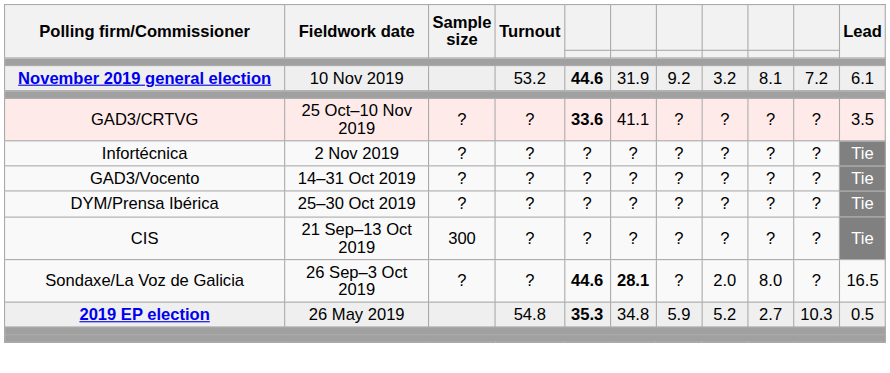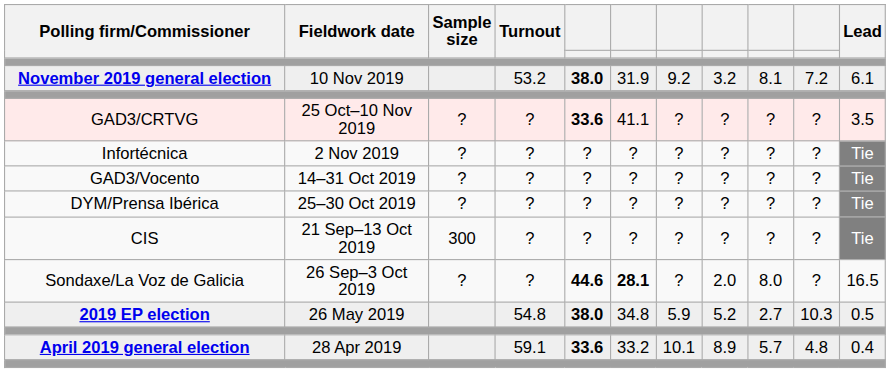 <table class="wikitable collapsible collapsed" style="text-align:center; font-size:95%; line-height:16px;">
 <tr style="height:42px;">
 <th style="width:250px;" rowspan="2">Polling firm/Commissioner</th>
 <th style="width:125px;" rowspan="2">Fieldwork date</th>
 <th style="width:50px;" rowspan="2">Sample size</th>
 <th style="width:45px;" rowspan="2">Turnout</th>
 <th style="width:35px;"></th>
 <th style="width:35px;"></th>
 <th style="width:35px;"></th>
 <th style="width:35px;"></th>
 <th style="width:35px;"></th>
 <th style="width:35px;"></th>
 <th style="width:30px;" rowspan="2">Lead</th>
 </tr>
 <tr>
 <th style="color:inherit;background:"></th>
 <th style="color:inherit;background:"></th>
 <th style="color:inherit;background:"></th>
 <th style="color:inherit;background:"></th>
 <th style="color:inherit;background:"></th>
 <th style="color:inherit;background:"></th>
 </tr>
 <tr>
 <td colspan="11" style="background:#A0A0A0"></td>
 </tr>
 <tr style="background:#EFEFEF;">
 <td><strong><a href='#'>November 2019 general election</a></strong></td>
 <td>10 Nov 2019</td>
 <td></td>
 <td>53.2</td>
-<td><strong>44.6</strong><br></td>
+<td><strong>38.0</strong><br></td>
 <td>31.9<br></td>
 <td>9.2<br></td>
 <td>3.2<br></td>
 <td>8.1<br></td>
 <td>7.2<br></td>
 <td style="background:">6.1</td>
 </tr>
 <tr>
 <td colspan="11" style="background:#A0A0A0"></td>
 </tr>
 <tr style="background:#FFEAEA;">
 <td>GAD3/CRTVG</td>
 <td>25 Oct–10 Nov 2019</td>
 <td>?</td>
 <td>?</td>
 <td><strong>33.6</strong><br></td>
 <td>41.1<br></td>
 <td>?<br></td>
 <td>?<br></td>
 <td>?<br></td>
 <td>?<br></td>
 <td style="background:">3.5</td>
 </tr>
 <tr>
 <td>Infortécnica</td>
 <td>2 Nov 2019</td>
 <td>?</td>
 <td>?</td>
 <td>?<br></td>
 <td>?<br></td>
 <td>?<br></td>
 <td>?<br></td>
 <td>?<br></td>
 <td>?<br></td>
 <td style="background:gray;color:white;">Tie</td>
 </tr>
 <tr>
 <td>GAD3/Vocento</td>
 <td>14–31 Oct 2019</td>
 <td>?</td>
 <td>?</td>
 <td>?<br></td>
 <td>?<br></td>
 <td>?<br></td>
 <td>?<br></td>
 <td>?<br></td>
 <td>?<br></td>
 <td style="background:gray;color:white;">Tie</td>
 </tr>
 <tr>
 <td>DYM/Prensa Ibérica</td>
 <td>25–30 Oct 2019</td>
 <td>?</td>
 <td>?</td>
 <td>?<br></td>
 <td>?<br></td>
 <td>?<br></td>
 <td>?<br></td>
 <td>?<br></td>
 <td>?<br></td>
 <td style="background:gray;color:white;">Tie</td>
 </tr>
 <tr>
 <td>CIS</td>
 <td>21 Sep–13 Oct 2019</td>
 <td>300</td>
 <td>?</td>
 <td>?<br></td>
 <td>?<br></td>
 <td>?<br></td>
 <td>?<br></td>
 <td>?<br></td>
 <td>?<br></td>
 <td style="background:gray;color:white;">Tie</td>
 </tr>
 <tr>
 <td>Sondaxe/La Voz de Galicia</td>
 <td>26 Sep–3 Oct 2019</td>
 <td>?</td>
 <td>?</td>
 <td><strong>44.6</strong><br></td>
 <td><strong>28.1<br></strong></td>
 <td>?<br></td>
 <td>2.0<br></td>
 <td>8.0<br></td>
 <td>?<br></td>
 <td style="background:">16.5</td>
 </tr>
 <tr style="background:#EFEFEF;">
 <td><strong><a href='#'>2019 EP election</a></strong></td>
 <td>26 May 2019</td>
 <td></td>
 <td>54.8</td>
-<td><strong>35.3</strong><br></td>
+<td><strong>38.0</strong><br></td>
 <td>34.8<br></td>
 <td>5.9<br></td>
 <td>5.2<br></td>
 <td>2.7<br></td>
 <td>10.3<br></td>
 <td style="background:">0.5</td>
 </tr>
 <tr>
 <td colspan="11" style="background:#A0A0A0"></td>
 </tr>
+<tr style="background:#EFEFEF;">
+<td><strong><a href='#'>April 2019 general election</a></strong></td>
+<td>28 Apr 2019</td>
+<td></td>
+<td>59.1</td>
+<td><strong>33.6</strong><br></td>
+<td>33.2<br></td>
+<td>10.1<br></td>
+<td>8.9<br></td>
+<td>5.7<br></td>
+<td>4.8<br></td>
+<td style="background:">0.4</td>
+</tr>
 <tr>
 <td colspan="11" style="background:#A0A0A0"></td>
 </tr>
 </table>
